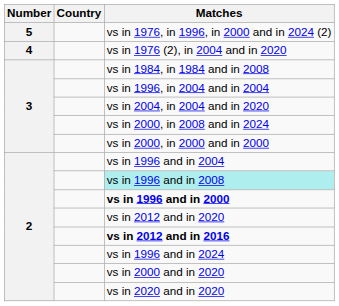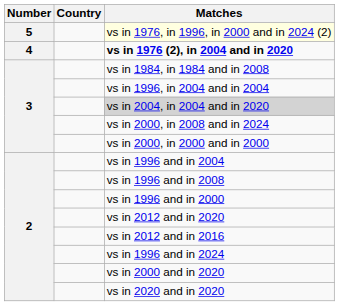 <table class="wikitable plainrowheaders">
 <tr>
 <th scope="col">Number</th>
 <th scope="col">Country</th>
 <th scope="col">Matches</th>
 </tr>
 <tr>
 <th scope="row" style="text-align:center;">5</th>
 <td></td>
-<td>vs  in <a href='#'>1976</a>,  in <a href='#'>1996</a>,  in <a href='#'>2000</a> and  in <a href='#'>2024</a> (2)</td>
+<td style="background: lightyellow;">vs  in <a href='#'>1976</a>,  in <a href='#'>1996</a>,  in <a href='#'>2000</a> and  in <a href='#'>2024</a> (2)</td>
 </tr>
 <tr>
 <th scope="row" style="text-align:center;">4</th>
 <td></td>
-<td>vs  in <a href='#'>1976</a> (2),  in <a href='#'>2004</a> and  in <a href='#'>2020</a></td>
+<td><strong>vs  in <a href='#'>1976</a> (2),  in <a href='#'>2004</a> and  in <a href='#'>2020</a></strong></td>
 </tr>
 <tr>
 <th scope="row" style="text-align:center;" rowspan="5">3</th>
 <td></td>
 <td>vs  in <a href='#'>1984</a>,  in <a href='#'>1984</a> and  in <a href='#'>2008</a></td>
 </tr>
 <tr>
 <td></td>
 <td>vs  in <a href='#'>1996</a>,  in <a href='#'>2004</a> and  in <a href='#'>2004</a></td>
 </tr>
 <tr>
 <td></td>
-<td>vs  in <a href='#'>2004</a>,  in <a href='#'>2004</a> and  in <a href='#'>2020</a></td>
+<td style="background: lightgrey;">vs  in <a href='#'>2004</a>,  in <a href='#'>2004</a> and  in <a href='#'>2020</a></td>
 </tr>
 <tr>
 <td></td>
 <td>vs  in <a href='#'>2000</a>,  in <a href='#'>2008</a> and  in <a href='#'>2024</a></td>
 </tr>
 <tr>
 <td></td>
 <td>vs  in <a href='#'>2000</a>,  in <a href='#'>2000</a> and  in <a href='#'>2000</a></td>
 </tr>
 <tr>
 <th scope="row" style="text-align:center;" rowspan="8">2</th>
 <td></td>
 <td>vs  in <a href='#'>1996</a> and  in <a href='#'>2004</a></td>
 </tr>
 <tr>
 <td></td>
-<td style="background: paleturquoise;">vs  in <a href='#'>1996</a> and  in <a href='#'>2008</a></td>
+<td>vs  in <a href='#'>1996</a> and  in <a href='#'>2008</a></td>
 </tr>
 <tr>
 <td></td>
-<td><strong>vs  in <a href='#'>1996</a> and  in <a href='#'>2000</a></strong></td>
+<td>vs  in <a href='#'>1996</a> and  in <a href='#'>2000</a></td>
 </tr>
 <tr>
 <td></td>
 <td>vs  in <a href='#'>2012</a> and  in <a href='#'>2020</a></td>
 </tr>
 <tr>
 <td></td>
-<td><strong>vs  in <a href='#'>2012</a> and  in <a href='#'>2016</a></strong></td>
+<td>vs  in <a href='#'>2012</a> and  in <a href='#'>2016</a></td>
 </tr>
 <tr>
 <td></td>
 <td>vs  in <a href='#'>1996</a> and  in <a href='#'>2024</a></td>
 </tr>
 <tr>
 <td></td>
 <td>vs  in <a href='#'>2000</a> and  in <a href='#'>2020</a></td>
 </tr>
 <tr>
 <td></td>
 <td>vs  in <a href='#'>2020</a> and  in <a href='#'>2020</a></td>
 </tr>
 </table>
